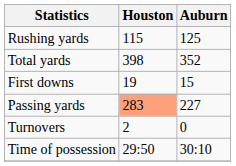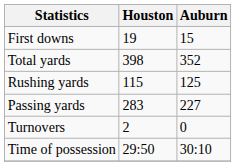 <table class="wikitable">
 <tr>
 <th>Statistics</th>
 <th>Houston</th>
 <th>Auburn</th>
 </tr>
 <tr>
-<td>Rushing yards</td>
-<td>115</td>
-<td>125</td>
+<td>First downs</td>
+<td>19</td>
+<td>15</td>
 </tr>
 <tr>
 <td>Total yards</td>
 <td>398</td>
 <td>352</td>
 </tr>
 <tr>
-<td>First downs</td>
-<td>19</td>
-<td>15</td>
+<td>Rushing yards</td>
+<td>115</td>
+<td>125</td>
 </tr>
 <tr>
 <td>Passing yards</td>
-<td style="background: lightsalmon;">283</td>
+<td>283</td>
 <td>227</td>
 </tr>
 <tr>
 <td>Turnovers</td>
 <td>2</td>
 <td>0</td>
 </tr>
 <tr>
 <td>Time of possession</td>
 <td>29:50</td>
 <td>30:10</td>
 </tr>
 <tr>
 </tr>
 </table>
